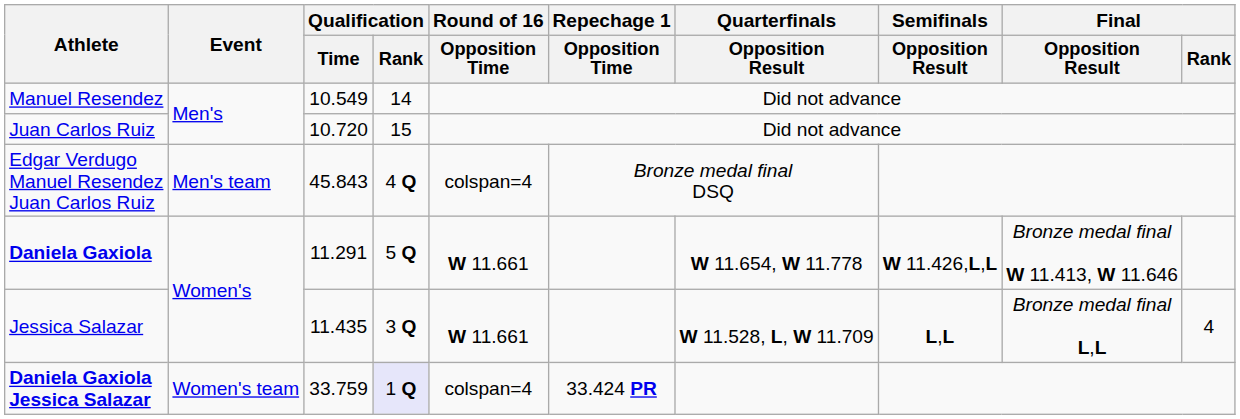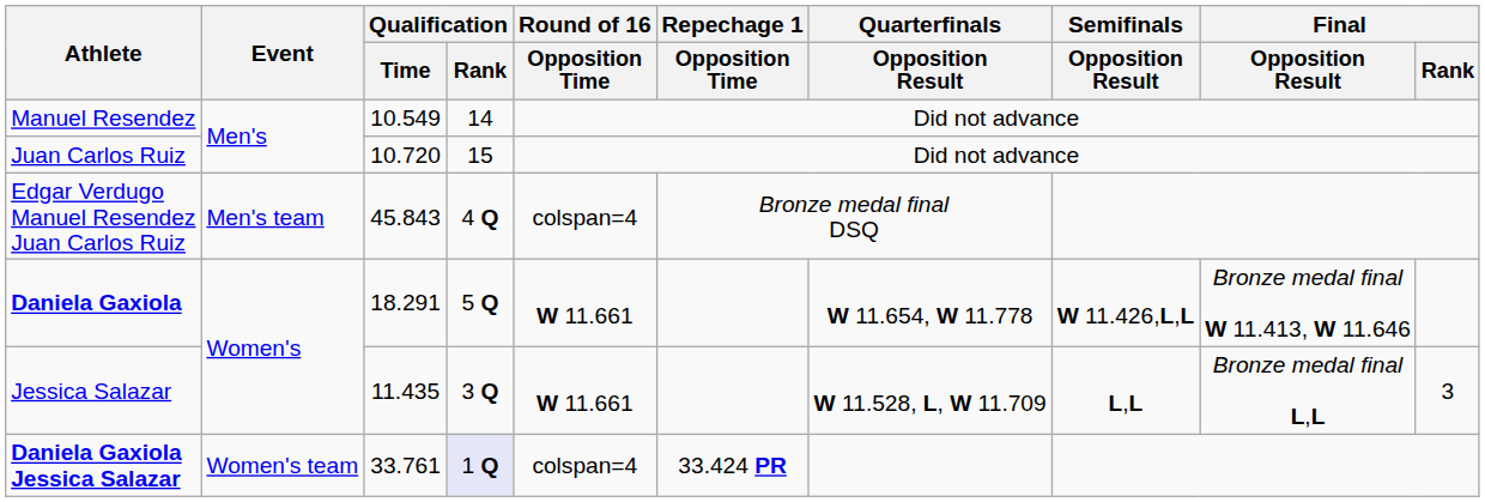 <table class=wikitable style="font-size:90%;">
 <tr>
 <th rowspan=2>Athlete</th>
 <th rowspan=2>Event</th>
 <th colspan=2>Qualification</th>
 <th>Round of 16</th>
 <th>Repechage 1</th>
 <th>Quarterfinals</th>
 <th>Semifinals</th>
 <th colspan=2>Final</th>
 </tr>
 <tr style="font-size:95%">
 <th>Time</th>
 <th>Rank</th>
 <th>Opposition<br>Time</th>
 <th>Opposition<br>Time</th>
 <th>Opposition<br>Result</th>
 <th>Opposition<br>Result</th>
 <th>Opposition<br>Result</th>
 <th>Rank</th>
 </tr>
 <tr align=center>
 <td align=left><a href='#'>Manuel Resendez</a></td>
 <td align=left rowspan=2><a href='#'>Men's</a></td>
 <td>10.549</td>
 <td>14</td>
 <td colspan=6>Did not advance</td>
 </tr>
 <tr align=center>
 <td align=left><a href='#'>Juan Carlos Ruiz</a></td>
 <td>10.720</td>
 <td>15</td>
 <td colspan=6>Did not advance</td>
 </tr>
 <tr align=center>
 <td align=left><a href='#'>Edgar Verdugo</a><br><a href='#'>Manuel Resendez</a><br><a href='#'>Juan Carlos Ruiz</a></td>
 <td align=left><a href='#'>Men's team</a></td>
 <td>45.843</td>
 <td>4 <strong>Q</strong></td>
 <td>colspan=4 </td>
 <td colspan=2><em>Bronze medal final</em><br>DSQ</td>
 </tr>
 <tr align=center>
 <td align=left><strong><a href='#'>Daniela Gaxiola</a></strong></td>
 <td align=left rowspan=2><a href='#'>Women's</a></td>
-<td>11.291</td>
+<td>18.291</td>
 <td>5 <strong>Q</strong></td>
 <td><br><strong>W</strong> 11.661</td>
 <td></td>
 <td><br><strong>W</strong> 11.654, <strong>W</strong> 11.778</td>
 <td><br><strong>W</strong> 11.426,<strong>L</strong>,<strong>L</strong></td>
 <td><em>Bronze medal final</em><br><br><strong>W</strong> 11.413, <strong>W</strong> 11.646</td>
 <td></td>
 </tr>
 <tr align=center>
 <td align=left><a href='#'>Jessica Salazar</a></td>
 <td>11.435</td>
 <td>3 <strong>Q</strong></td>
 <td><br><strong>W</strong> 11.661</td>
 <td></td>
 <td><br><strong>W</strong> 11.528, <strong>L</strong>, <strong>W</strong> 11.709</td>
 <td><br><strong>L</strong>,<strong>L</strong></td>
 <td><em>Bronze medal final</em><br><br><strong>L</strong>,<strong>L</strong></td>
-<td>4</td>
+<td>3</td>
 </tr>
 <tr align=center>
 <td align=left><strong><a href='#'>Daniela Gaxiola</a><br><a href='#'>Jessica Salazar</a></strong></td>
 <td align=left><a href='#'>Women's team</a></td>
-<td>33.759</td>
+<td>33.761</td>
 <td style="background: lavender;">1 <strong>Q</strong></td>
 <td>colspan=4 </td>
 <td>33.424 <strong><a href='#'>PR</a></strong></td>
 <td></td>
 </tr>
 </table>
